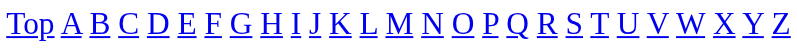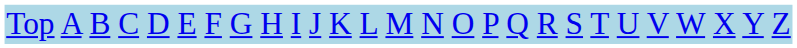 <table border="0" align="center" class="toccolours">
 <tr>
 <th></th>
 </tr>
 <tr>
-<td align="center"><a href='#'>Top</a> <a href='#'>A</a> <a href='#'>B</a> <a href='#'>C</a> <a href='#'>D</a> <a href='#'>E</a> <a href='#'>F</a> <a href='#'>G</a> <a href='#'>H</a> <a href='#'>I</a> <a href='#'>J</a> <a href='#'>K</a> <a href='#'>L</a> <a href='#'>M</a> <a href='#'>N</a> <a href='#'>O</a> <a href='#'>P</a> <a href='#'>Q</a> <a href='#'>R</a> <a href='#'>S</a> <a href='#'>T</a> <a href='#'>U</a> <a href='#'>V</a> <a href='#'>W</a> <a href='#'>X</a> <a href='#'>Y</a> <a href='#'>Z</a><br></td>
+<td align="center" style="background: lightblue;"><a href='#'>Top</a> <a href='#'>A</a> <a href='#'>B</a> <a href='#'>C</a> <a href='#'>D</a> <a href='#'>E</a> <a href='#'>F</a> <a href='#'>G</a> <a href='#'>H</a> <a href='#'>I</a> <a href='#'>J</a> <a href='#'>K</a> <a href='#'>L</a> <a href='#'>M</a> <a href='#'>N</a> <a href='#'>O</a> <a href='#'>P</a> <a href='#'>Q</a> <a href='#'>R</a> <a href='#'>S</a> <a href='#'>T</a> <a href='#'>U</a> <a href='#'>V</a> <a href='#'>W</a> <a href='#'>X</a> <a href='#'>Y</a> <a href='#'>Z</a><br></td>
 </tr>
 </table>
